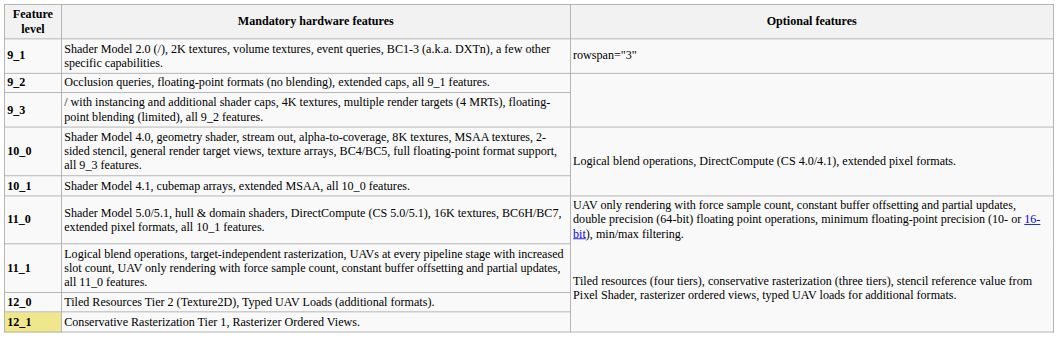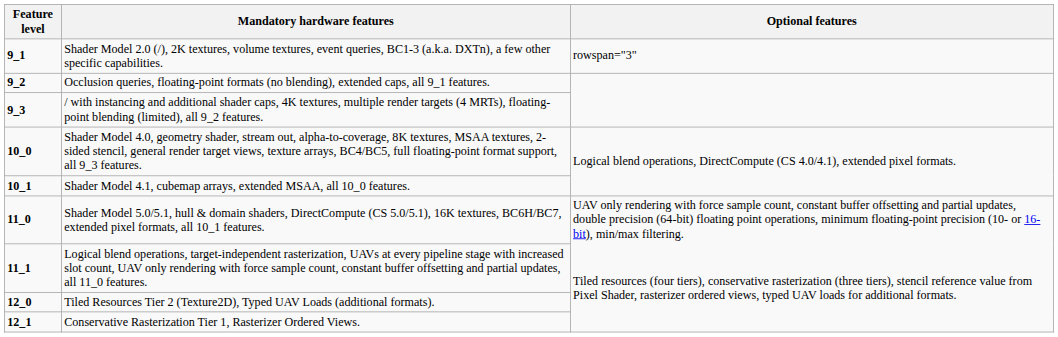 <table class="wikitable" style="font-size: 90%">
 <tr>
 <th>Feature level</th>
 <th>Mandatory hardware features</th>
 <th>Optional features</th>
 </tr>
 <tr>
 <td><strong>9_1</strong></td>
 <td>Shader Model 2.0 (/), 2K textures, volume textures, event queries, BC1-3 (a.k.a. DXTn), a few other specific capabilities.</td>
 <td>rowspan="3" </td>
 </tr>
 <tr>
 <td><strong>9_2</strong></td>
 <td>Occlusion queries, floating-point formats (no blending), extended caps, all 9_1 features.</td>
 </tr>
 <tr>
 <td><strong>9_3</strong></td>
 <td>/ with instancing and additional shader caps, 4K textures, multiple render targets (4 MRTs), floating-point blending (limited), all 9_2 features.</td>
 </tr>
 <tr>
 <td><strong>10_0</strong></td>
 <td>Shader Model 4.0, geometry shader, stream out, alpha-to-coverage, 8K textures, MSAA textures, 2-sided stencil, general render target views, texture arrays, BC4/BC5, full floating-point format support, all 9_3 features.</td>
 <td rowspan="2">Logical blend operations, DirectCompute (CS 4.0/4.1), extended pixel formats.<br></td>
 </tr>
 <tr>
 <td><strong>10_1</strong></td>
 <td>Shader Model 4.1, cubemap arrays, extended MSAA, all 10_0 features.</td>
 </tr>
 <tr>
 <td><strong>11_0</strong></td>
 <td>Shader Model 5.0/5.1, hull & domain shaders, DirectCompute (CS 5.0/5.1), 16K textures, BC6H/BC7, extended pixel formats, all 10_1 features.</td>
 <td style="border-bottom-style:hidden">UAV only rendering with force sample count, constant buffer offsetting and partial updates, double precision (64-bit) floating point operations, minimum floating-point precision (10- or <a href='#'>16-bit</a>), min/max filtering.</td>
 </tr>
 <tr>
 <td><strong>11_1</strong></td>
 <td>Logical blend operations, target-independent rasterization, UAVs at every pipeline stage with increased slot count, UAV only rendering with force sample count, constant buffer offsetting and partial updates, all 11_0 features.</td>
 <td rowspan=3 style="border-top-style:hidden">Tiled resources (four tiers), conservative rasterization (three tiers), stencil reference value from Pixel Shader, rasterizer ordered views, typed UAV loads for additional formats.</td>
 </tr>
 <tr>
 <td><strong>12_0</strong></td>
 <td>Tiled Resources Tier 2 (Texture2D), Typed UAV Loads (additional formats).</td>
 </tr>
 <tr>
-<td style="background: khaki;"><strong>12_1</strong></td>
+<td><strong>12_1</strong></td>
 <td>Conservative Rasterization Tier 1, Rasterizer Ordered Views.</td>
 </tr>
 </table>
